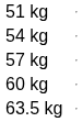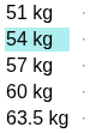 <table>
 <tr>
 <td>51 kg<br></td>
 <td></td>
 <td></td>
 <td><hr></td>
 </tr>
 <tr>
-<td>54 kg<br></td>
+<td style="background: paleturquoise;">54 kg<br></td>
 <td></td>
 <td></td>
 <td><hr></td>
 </tr>
 <tr>
 <td>57 kg<br></td>
 <td></td>
 <td></td>
 <td><hr></td>
 </tr>
 <tr>
 <td>60 kg<br></td>
 <td></td>
 <td></td>
 <td><hr></td>
 </tr>
 <tr>
 <td>63.5 kg<br></td>
 <td></td>
 <td></td>
 <td><hr></td>
 </tr>
 </table>
